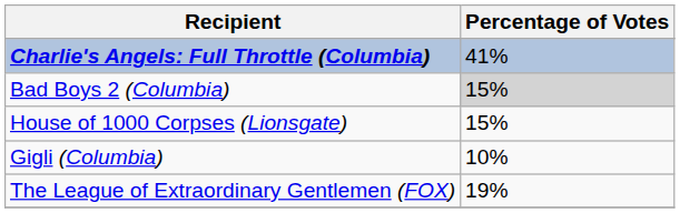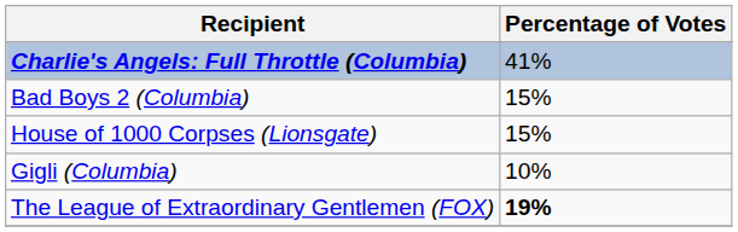 <table class="wikitable sortable plainrowheaders" align="centre">
 <tr>
 <th>Recipient</th>
 <th>Percentage of Votes</th>
 </tr>
 <tr>
 </tr>
 <tr style="background:#B0C4DE;">
 <td><strong><em><a href='#'>Charlie's Angels: Full Throttle</a><em> (<a href='#'>Columbia</a>)<strong></td>
 <td></strong>41%<strong></td>
 </tr>
 <tr>
 <td></em><a href='#'>Bad Boys 2</a><em> (<a href='#'>Columbia</a>)</td>
-<td style="background: lightgrey;">15%</td>
+<td>15%</td>
 </tr>
 <tr>
 <td></em><a href='#'>House of 1000 Corpses</a><em> (<a href='#'>Lionsgate</a>)</td>
 <td>15%</td>
 </tr>
 <tr>
 <td></em><a href='#'>Gigli</a><em> (<a href='#'>Columbia</a>)</td>
 <td>10%</td>
 </tr>
 <tr>
 <td></em><a href='#'>The League of Extraordinary Gentlemen</a><em> (<a href='#'>FOX</a>)</td>
-<td>19%</td>
+<td><strong>19%</strong></td>
 </tr>
 <tr>
 </tr>
 </table>
